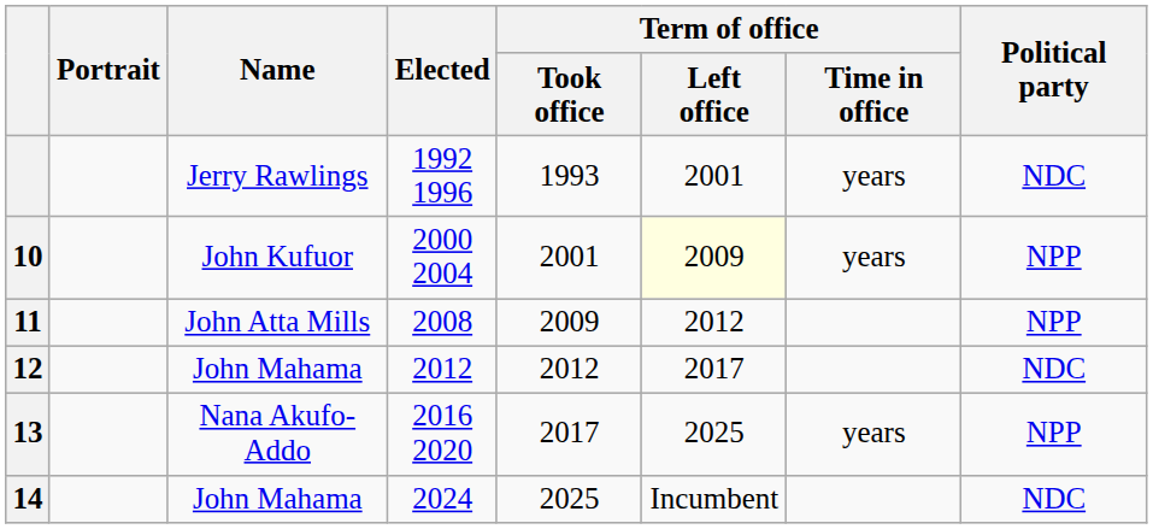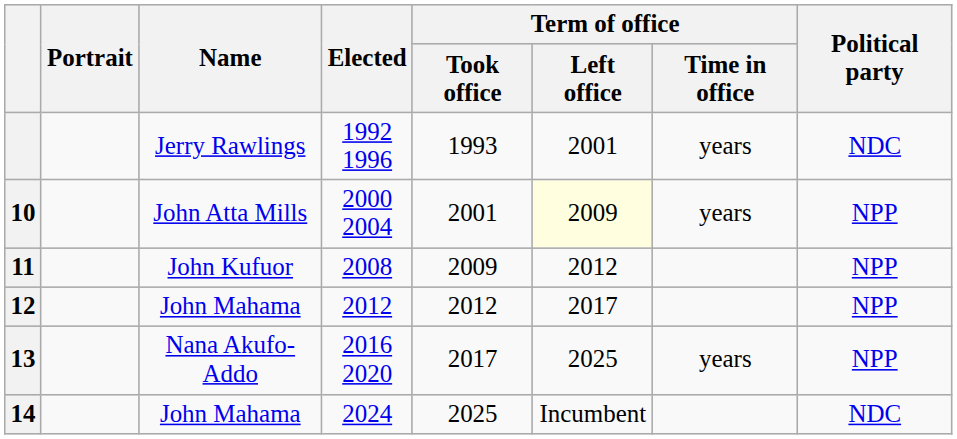 <table class="wikitable" style="text-align:center">
 <tr>
 <th rowspan="2"></th>
 <th rowspan="2">Portrait</th>
 <th rowspan="2">Name<br></th>
 <th rowspan="2">Elected</th>
 <th colspan="3">Term of office</th>
 <th rowspan="2">Political party</th>
 </tr>
 <tr>
 <th>Took office</th>
 <th>Left office</th>
 <th>Time in office</th>
 </tr>
 <tr>
 <th style="background:"></th>
 <td></td>
 <td><a href='#'>Jerry Rawlings</a><br></td>
 <td><a href='#'>1992</a><br><a href='#'>1996</a></td>
 <td> 1993</td>
 <td> 2001</td>
 <td> years</td>
 <td><a href='#'>NDC</a></td>
 </tr>
 <tr>
 <th style="background:">10</th>
 <td></td>
-<td><a href='#'>John Kufuor</a><br></td>
+<td><a href='#'>John Atta Mills</a><br></td>
 <td><a href='#'>2000</a><br><a href='#'>2004</a></td>
 <td> 2001</td>
 <td style="background: lightyellow;"> 2009</td>
 <td> years</td>
 <td><a href='#'>NPP</a></td>
 </tr>
 <tr>
 <th style="background:">11</th>
 <td></td>
-<td><a href='#'>John Atta Mills</a><br></td>
+<td><a href='#'>John Kufuor</a><br></td>
 <td><a href='#'>2008</a></td>
 <td> 2009</td>
 <td> 2012</td>
 <td></td>
 <td><a href='#'>NPP</a></td>
 </tr>
 <tr>
 <th style="background:">12</th>
 <td></td>
 <td><a href='#'>John Mahama</a><br></td>
 <td><a href='#'>2012</a></td>
 <td> 2012</td>
 <td> 2017</td>
 <td></td>
-<td><a href='#'>NDC</a></td>
+<td><a href='#'>NPP</a></td>
 </tr>
 <tr>
 <th style="background:">13</th>
 <td></td>
 <td><a href='#'>Nana Akufo-Addo</a><br></td>
 <td><a href='#'>2016</a><br><a href='#'>2020</a></td>
 <td> 2017</td>
 <td> 2025</td>
 <td> years</td>
 <td><a href='#'>NPP</a></td>
 </tr>
 <tr>
 <th style="background:">14</th>
 <td></td>
 <td><a href='#'>John Mahama</a><br></td>
 <td><a href='#'>2024</a></td>
 <td> 2025</td>
 <td>Incumbent</td>
 <td></td>
 <td><a href='#'>NDC</a></td>
 </tr>
 </table>
